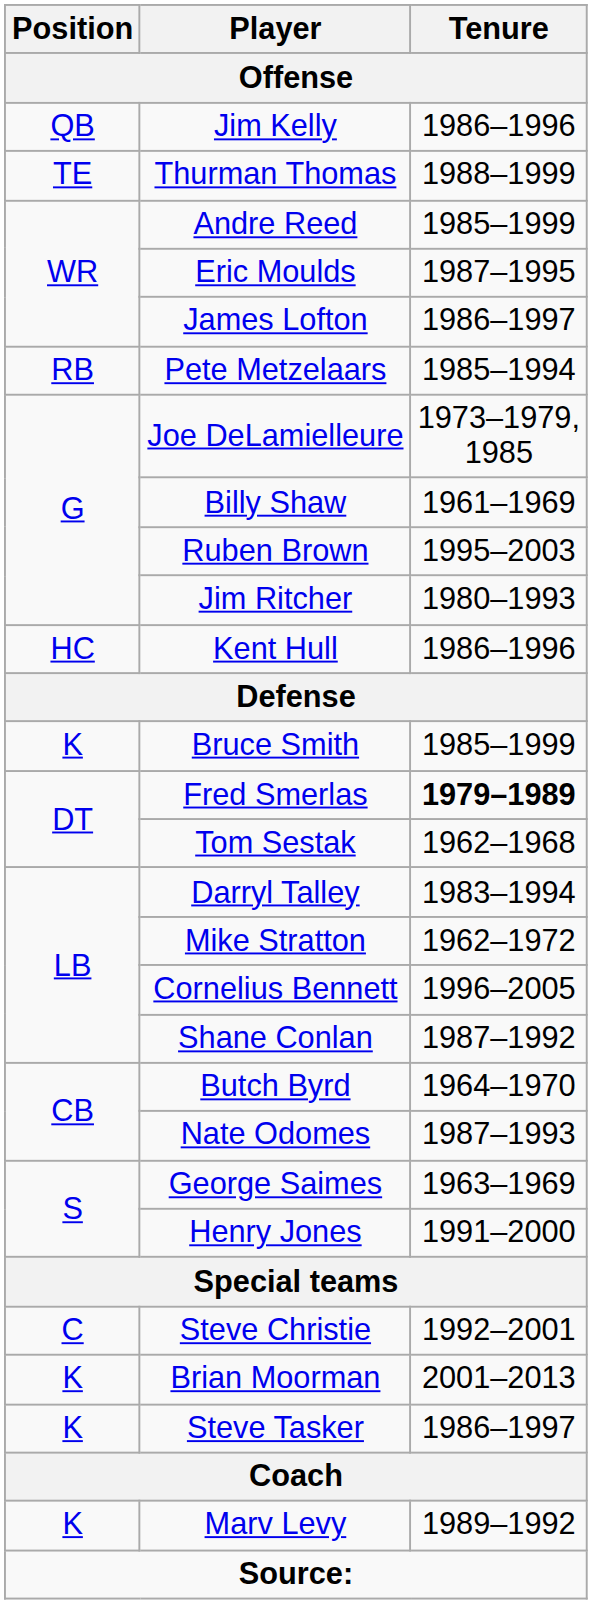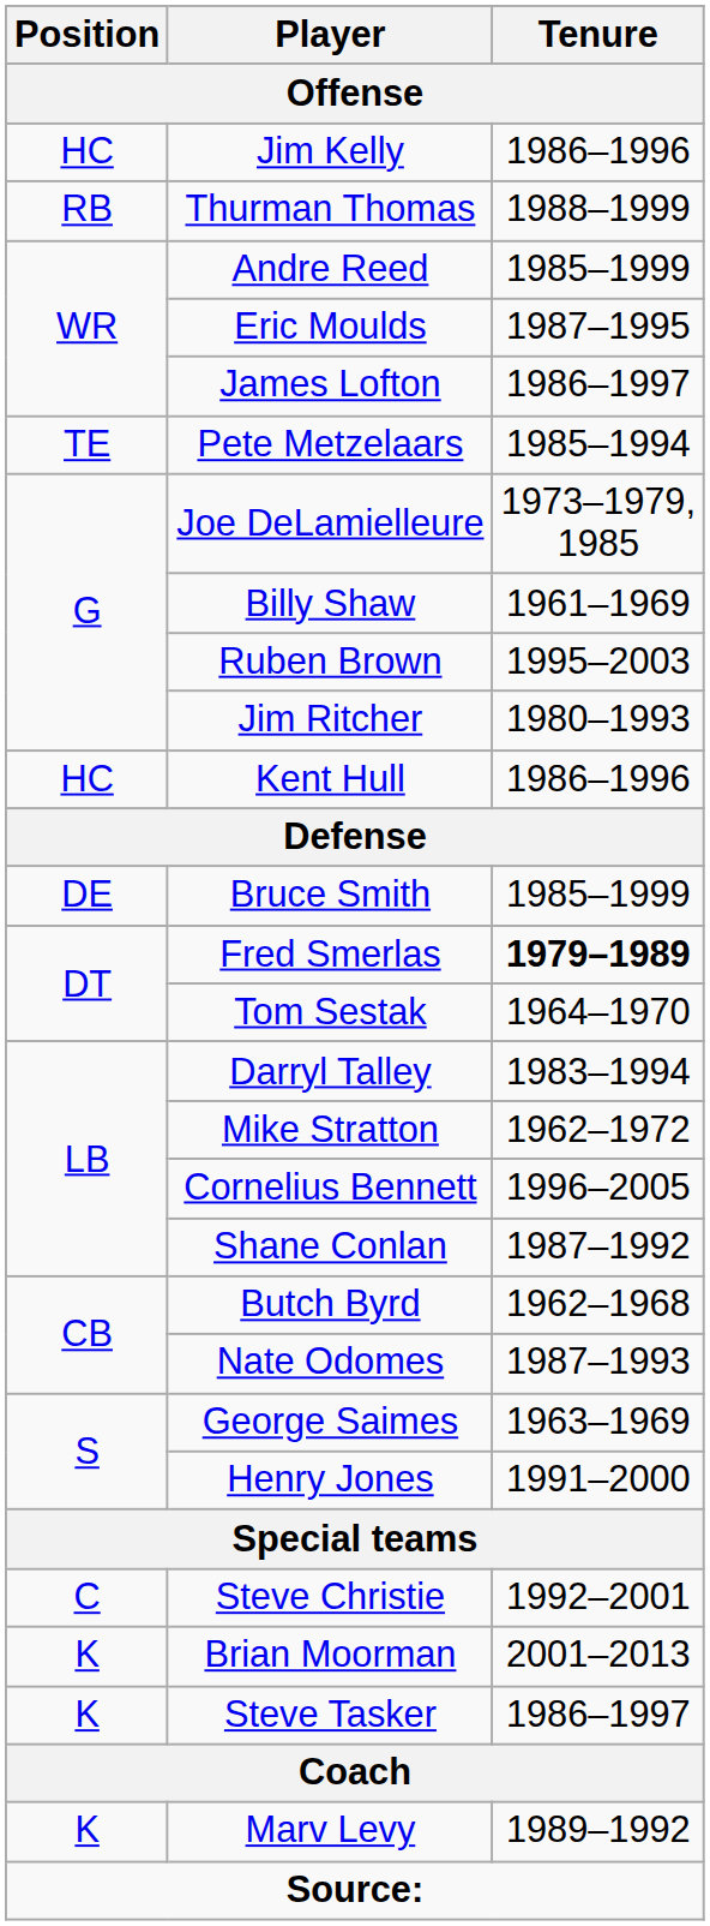 <table class="wikitable" style="text-align: center;">
 <tr>
 <th scope="col">Position</th>
 <th scope="col">Player</th>
 <th scope="col">Tenure</th>
 </tr>
 <tr>
 <th colspan="3">Offense</th>
 </tr>
 <tr>
-<td><a href='#'>QB</a></td>
+<td><a href='#'>HC</a></td>
 <td><a href='#'>Jim Kelly</a></td>
 <td>1986–1996</td>
 </tr>
 <tr>
-<td><a href='#'>TE</a></td>
+<td><a href='#'>RB</a></td>
 <td><a href='#'>Thurman Thomas</a></td>
 <td>1988–1999</td>
 </tr>
 <tr>
 <td rowspan="3"><a href='#'>WR</a></td>
 <td><a href='#'>Andre Reed</a></td>
 <td>1985–1999</td>
 </tr>
 <tr>
 <td><a href='#'>Eric Moulds</a></td>
 <td>1987–1995</td>
 </tr>
 <tr>
 <td><a href='#'>James Lofton</a></td>
 <td>1986–1997</td>
 </tr>
 <tr>
-<td><a href='#'>RB</a></td>
+<td><a href='#'>TE</a></td>
 <td><a href='#'>Pete Metzelaars</a></td>
 <td>1985–1994</td>
 </tr>
 <tr>
 <td rowspan="4"><a href='#'>G</a></td>
 <td><a href='#'>Joe DeLamielleure</a></td>
 <td>1973–1979, <br> 1985</td>
 </tr>
 <tr>
 <td><a href='#'>Billy Shaw</a></td>
 <td>1961–1969</td>
 </tr>
 <tr>
 <td><a href='#'>Ruben Brown</a></td>
 <td>1995–2003</td>
 </tr>
 <tr>
 <td><a href='#'>Jim Ritcher</a></td>
 <td>1980–1993</td>
 </tr>
 <tr>
 <td><a href='#'>HC</a></td>
 <td><a href='#'>Kent Hull</a></td>
 <td>1986–1996</td>
 </tr>
 <tr>
 <th colspan="4">Defense</th>
 </tr>
 <tr>
-<td><a href='#'>K</a></td>
+<td rowspan="1"><a href='#'>DE</a></td>
 <td><a href='#'>Bruce Smith</a></td>
 <td>1985–1999</td>
 </tr>
 <tr>
 <td rowspan="2"><a href='#'>DT</a></td>
 <td><a href='#'>Fred Smerlas</a></td>
 <td><strong>1979–1989</strong></td>
 </tr>
 <tr>
 <td><a href='#'>Tom Sestak</a></td>
-<td>1962–1968</td>
+<td>1964–1970</td>
 </tr>
 <tr>
 <td rowspan="4"><a href='#'>LB</a></td>
 <td><a href='#'>Darryl Talley</a></td>
 <td>1983–1994</td>
 </tr>
 <tr>
 <td><a href='#'>Mike Stratton</a></td>
 <td>1962–1972</td>
 </tr>
 <tr>
 <td><a href='#'>Cornelius Bennett</a></td>
 <td>1996–2005</td>
 </tr>
 <tr>
 <td><a href='#'>Shane Conlan</a></td>
 <td>1987–1992</td>
 </tr>
 <tr>
 <td rowspan="2"><a href='#'>CB</a></td>
 <td><a href='#'>Butch Byrd</a></td>
-<td>1964–1970</td>
+<td>1962–1968</td>
 </tr>
 <tr>
 <td><a href='#'>Nate Odomes</a></td>
 <td>1987–1993</td>
 </tr>
 <tr>
 <td rowspan="2"><a href='#'>S</a></td>
 <td><a href='#'>George Saimes</a></td>
 <td>1963–1969</td>
 </tr>
 <tr>
 <td><a href='#'>Henry Jones</a></td>
 <td>1991–2000</td>
 </tr>
 <tr>
 <th colspan="3">Special teams</th>
 </tr>
 <tr>
 <td rowspan="1"><a href='#'>C</a></td>
 <td><a href='#'>Steve Christie</a></td>
 <td>1992–2001</td>
 </tr>
 <tr>
 <td><a href='#'>K</a></td>
 <td><a href='#'>Brian Moorman</a></td>
 <td>2001–2013</td>
 </tr>
 <tr>
 <td><a href='#'>K</a></td>
 <td><a href='#'>Steve Tasker</a></td>
 <td>1986–1997</td>
 </tr>
 <tr>
 <th colspan="3">Coach</th>
 </tr>
 <tr>
 <td><a href='#'>K</a></td>
 <td><a href='#'>Marv Levy</a></td>
 <td>1989–1992</td>
 </tr>
 <tr>
 <td colspan="3" style="text-align: center;"><strong>Source:</strong></td>
 </tr>
 </table>
